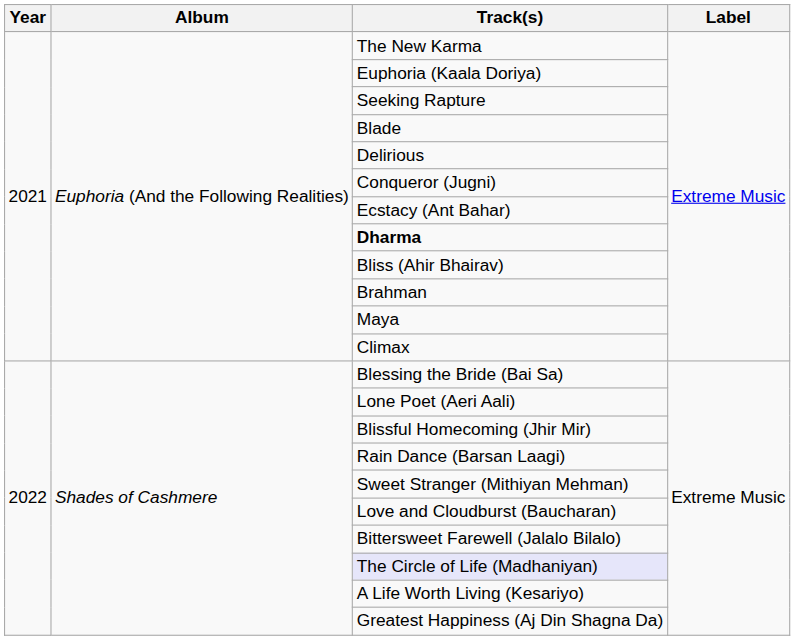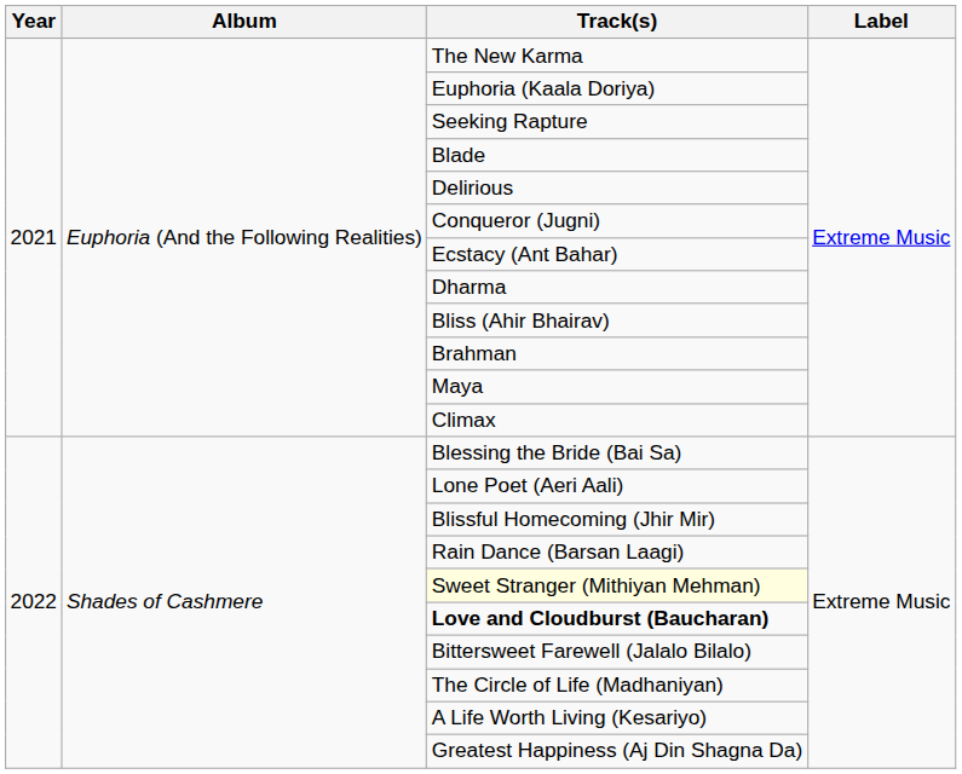 <table class="wikitable sortable mw-collapsible">
 <tr>
 <th>Year</th>
 <th>Album</th>
 <th>Track(s)</th>
 <th>Label</th>
 </tr>
 <tr>
 <td rowspan="12">2021</td>
 <td rowspan="12"><em>Euphoria</em> (And the Following Realities)</td>
 <td>The New Karma</td>
 <td rowspan="12"><a href='#'>Extreme Music</a></td>
 </tr>
 <tr>
 <td>Euphoria (Kaala Doriya)</td>
 </tr>
 <tr>
 <td>Seeking Rapture</td>
 </tr>
 <tr>
 <td>Blade</td>
 </tr>
 <tr>
 <td>Delirious</td>
 </tr>
 <tr>
 <td>Conqueror (Jugni)</td>
 </tr>
 <tr>
 <td>Ecstacy (Ant Bahar)</td>
 </tr>
 <tr>
-<td><strong>Dharma</strong></td>
+<td>Dharma</td>
 </tr>
 <tr>
 <td>Bliss (Ahir Bhairav)</td>
 </tr>
 <tr>
 <td>Brahman</td>
 </tr>
 <tr>
 <td>Maya</td>
 </tr>
 <tr>
 <td>Climax</td>
 </tr>
 <tr>
 <td rowspan="10">2022</td>
 <td rowspan="10"><em>Shades of Cashmere</em></td>
 <td>Blessing the Bride (Bai Sa)</td>
 <td rowspan="10">Extreme Music</td>
 </tr>
 <tr>
 <td>Lone Poet (Aeri Aali)</td>
 </tr>
 <tr>
 <td>Blissful Homecoming (Jhir Mir)</td>
 </tr>
 <tr>
 <td>Rain Dance (Barsan Laagi)</td>
 </tr>
 <tr>
-<td>Sweet Stranger (Mithiyan Mehman)</td>
+<td style="background: lightyellow;">Sweet Stranger (Mithiyan Mehman)</td>
 </tr>
 <tr>
-<td>Love and Cloudburst (Baucharan)</td>
+<td><strong>Love and Cloudburst (Baucharan)</strong></td>
 </tr>
 <tr>
 <td>Bittersweet Farewell (Jalalo Bilalo)</td>
 </tr>
 <tr>
-<td style="background: lavender;">The Circle of Life (Madhaniyan)</td>
+<td>The Circle of Life (Madhaniyan)</td>
 </tr>
 <tr>
 <td>A Life Worth Living (Kesariyo)</td>
 </tr>
 <tr>
 <td>Greatest Happiness (Aj Din Shagna Da)</td>
 </tr>
 </table>
